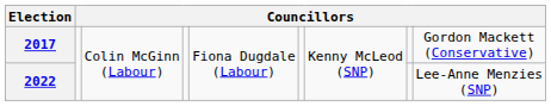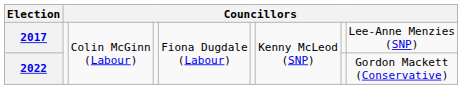 <table class="wikitable" style="text-align:center">
 <tr>
 <th>Election</th>
 <th colspan=8>Councillors</th>
 </tr>
 <tr>
 <th><a href='#'>2017</a></th>
 <td rowspan=2; style="background-color: "></td>
 <td rowspan=2>Colin McGinn<br>(<a href='#'>Labour</a>)</td>
 <td rowspan=2; style="background-color: "></td>
 <td rowspan=2>Fiona Dugdale<br>(<a href='#'>Labour</a>)</td>
 <td rowspan=2; style="background-color: "></td>
 <td rowspan=2>Kenny McLeod<br>(<a href='#'>SNP</a>)</td>
 <td rowspan=1; style="background-color: "></td>
-<td rowspan=1>Gordon Mackett<br>(<a href='#'>Conservative</a>)</td>
+<td rowspan=1>Lee-Anne Menzies<br>(<a href='#'>SNP</a>)</td>
 </tr>
 <tr>
 <th><a href='#'>2022</a></th>
 <td rowspan=1; style="background-color: "></td>
-<td rowspan=1>Lee-Anne Menzies<br>(<a href='#'>SNP</a>)</td>
+<td rowspan=1>Gordon Mackett<br>(<a href='#'>Conservative</a>)</td>
 </tr>
 </table>
